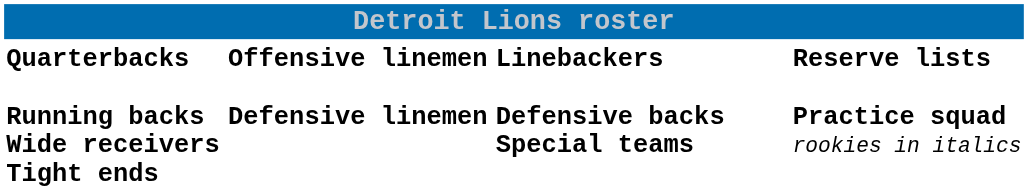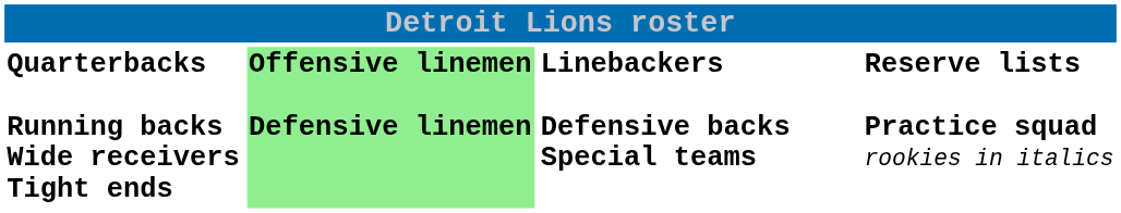 <table class="toccolours" style="text-align: left;">
 <tr>
 <th colspan="7" style="background-color:#006DB0;color:#C3C6CC;text-align:center">Detroit Lions roster</th>
 </tr>
 <tr>
 <td style="font-size: 95%;" valign="top"><strong>Quarterbacks</strong><br>  <br><strong>Running backs</strong>      <br><strong>Wide receivers</strong>     <br><strong>Tight ends</strong>  </td>
-<td style="font-size: 95%;" valign="top"><strong>Offensive linemen</strong><br>        <br><strong>Defensive linemen</strong>       </td>
+<td style="background: lightgreen; font-size: 95%;" valign="top"><strong>Offensive linemen</strong><br>        <br><strong>Defensive linemen</strong>       </td>
 <td style="font-size: 95%;" valign="top"><strong>Linebackers</strong><br>     <br><strong>Defensive backs</strong>      <br><strong>Special teams</strong>  </td>
 <td style="width: 25px;"></td>
 <td style="font-size: 95%;" valign="top"><strong>Reserve lists</strong><br>   <br><strong>Practice squad</strong> <br><small><em>rookies in italics</em></small><br></td>
 </tr>
 <tr>
 </tr>
 </table>
